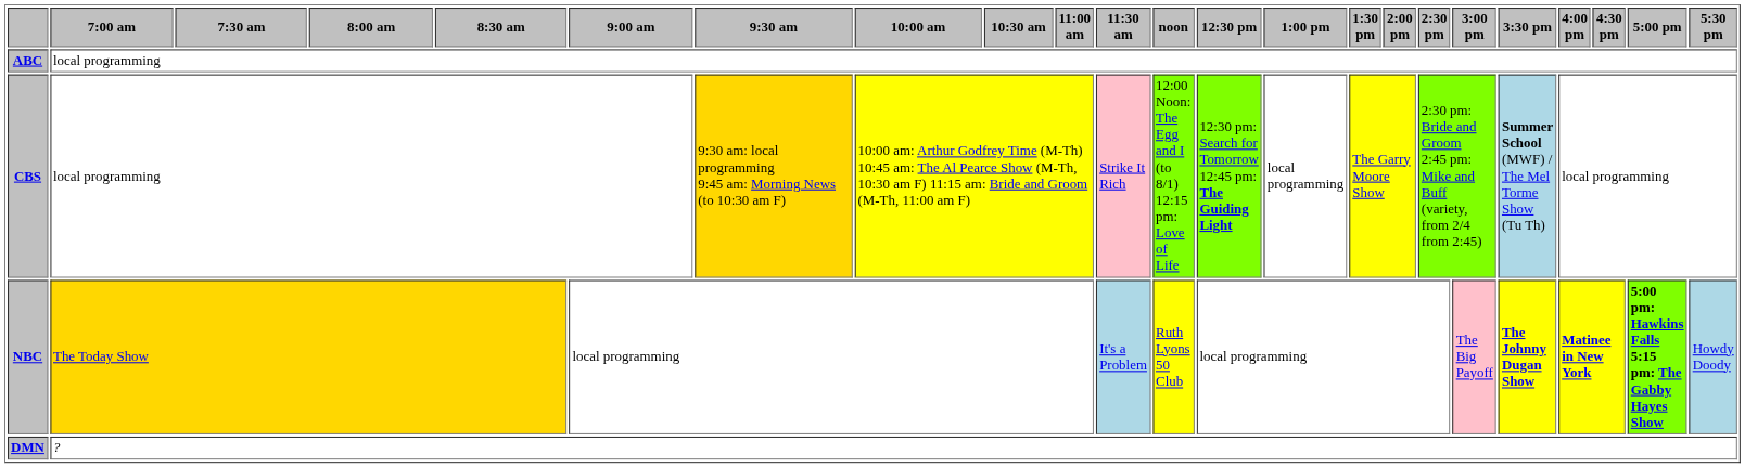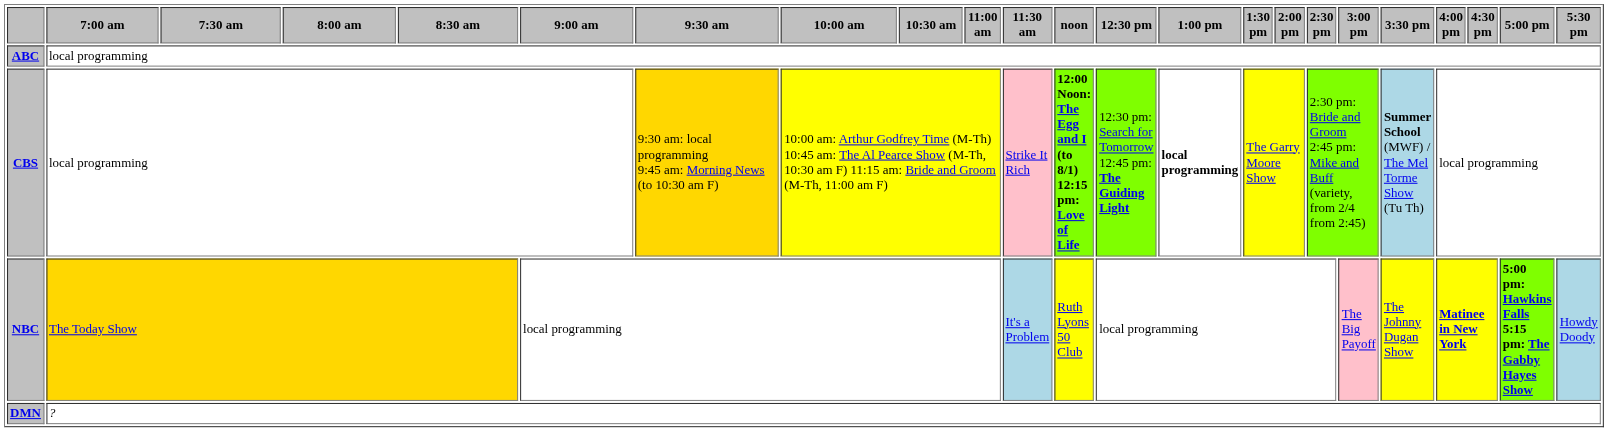 <table border="1" cellpadding="2" style="font-size:80%">
 <tr>
 <th bgcolor="#C0C0C0"> </th>
 <th width="13%" bgcolor="#C0C0C0">7:00 am</th>
 <th width="14%" bgcolor="#C0C0C0">7:30 am</th>
 <th width="13%" bgcolor="#C0C0C0">8:00 am</th>
 <th width="14%" bgcolor="#C0C0C0">8:30 am</th>
 <th width="13%" bgcolor="#C0C0C0">9:00 am</th>
 <th width="14%" bgcolor="#C0C0C0">9:30 am</th>
 <th width="13%" bgcolor="#C0C0C0">10:00 am</th>
 <th width="14%" bgcolor="#C0C0C0">10:30 am</th>
 <th width="13%" bgcolor="#C0C0C0">11:00 am</th>
 <th width="14%" bgcolor="#C0C0C0">11:30 am</th>
 <th width="13%" bgcolor="#C0C0C0">noon</th>
 <th width="14%" bgcolor="#C0C0C0">12:30 pm</th>
 <th width="13%" bgcolor="#C0C0C0">1:00 pm</th>
 <th width="14%" bgcolor="#C0C0C0">1:30 pm</th>
 <th width="13%" bgcolor="#C0C0C0">2:00 pm</th>
 <th width="14%" bgcolor="#C0C0C0">2:30 pm</th>
 <th width="13%" bgcolor="#C0C0C0">3:00 pm</th>
 <th width="14%" bgcolor="#C0C0C0">3:30 pm</th>
 <th width="13%" bgcolor="#C0C0C0">4:00 pm</th>
 <th width="14%" bgcolor="#C0C0C0">4:30 pm</th>
 <th width="13%" bgcolor="#C0C0C0">5:00 pm</th>
 <th width="14%" bgcolor="#C0C0C0">5:30 pm</th>
 </tr>
 <tr>
 <th bgcolor="#C0C0C0"><a href='#'>ABC</a></th>
 <td bgcolor="white" colspan="22">local programming</td>
 </tr>
 <tr>
 <th bgcolor="#C0C0C0"><a href='#'>CBS</a></th>
 <td bgcolor="white" colspan="5">local programming</td>
 <td bgcolor="gold">9:30 am: local programming<br>9:45 am: <a href='#'>Morning News</a> (to 10:30 am F)</td>
 <td bgcolor="yellow" colspan="3">10:00 am: <a href='#'>Arthur Godfrey Time</a> (M-Th)<br>10:45 am: <a href='#'>The Al Pearce Show</a> (M-Th, 10:30 am F) 11:15 am: <a href='#'>Bride and Groom</a> (M-Th, 11:00 am F)</td>
 <td bgcolor="pink"><a href='#'>Strike It Rich</a></td>
-<td bgcolor="chartreuse">12:00 Noon: <a href='#'>The Egg and I</a> (to 8/1)<br>12:15 pm: <a href='#'>Love of Life</a></td>
+<td bgcolor="chartreuse"><strong>12:00 Noon: <a href='#'>The Egg and I</a> (to 8/1)<br>12:15 pm: <a href='#'>Love of Life</a></strong></td>
 <td bgcolor="chartreuse">12:30 pm: <a href='#'>Search for Tomorrow</a><br>12:45 pm: <strong><a href='#'>The Guiding Light</a></strong></td>
-<td bgcolor="white">local programming</td>
+<td bgcolor="white"><strong>local programming</strong></td>
 <td bgcolor="yellow" colspan="2"><a href='#'>The Garry Moore Show</a></td>
 <td bgcolor="chartreuse" colspan="2">2:30 pm: <a href='#'>Bride and Groom</a><br>2:45 pm: <a href='#'>Mike and Buff</a> (variety, from 2/4 from 2:45)</td>
 <td bgcolor="lightblue"><strong>Summer School</strong>  (MWF) / <a href='#'>The Mel Torme Show</a> (Tu Th)</td>
 <td bgcolor="white" colspan="4">local programming</td>
 </tr>
 <tr>
 <th bgcolor="#C0C0C0"><a href='#'>NBC</a></th>
 <td bgcolor="gold" colspan="4"><a href='#'>The Today Show</a></td>
 <td bgcolor="white" colspan="5">local programming</td>
 <td bgcolor="lightblue"><a href='#'>It's a Problem</a></td>
 <td bgcolor="yellow"><a href='#'>Ruth Lyons 50 Club</a></td>
 <td bgcolor="white" colspan="5">local programming</td>
 <td bgcolor="pink"><a href='#'>The Big Payoff</a></td>
-<td bgcolor="yellow"><strong><a href='#'>The Johnny Dugan Show</a></strong></td>
+<td bgcolor="yellow"><a href='#'>The Johnny Dugan Show</a></td>
 <td bgcolor="yellow" colspan="2"><strong><a href='#'>Matinee in New York</a></strong></td>
 <td bgcolor="chartreuse"><strong>5:00 pm: <a href='#'>Hawkins Falls</a><br>5:15 pm: <a href='#'>The Gabby Hayes Show</a></strong></td>
 <td bgcolor="lightblue"><a href='#'>Howdy Doody</a></td>
 </tr>
 <tr>
 <th bgcolor="#C0C0C0"><a href='#'>DMN</a></th>
 <td bgcolor="white" colspan="22"><em>?</em></td>
 </tr>
 </table>
